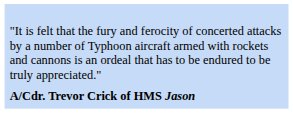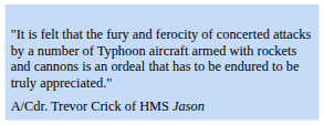 <table class="toccolours" style="float: right; margin-left: 1em; margin-right: 1em; font-size: 85%; background:#c6dbf7; color:black; width:23em; max-width: 25%;" cellspacing="5">
 <tr>
 <td style="text-align: left;"><br>"It is felt that the fury and ferocity of concerted attacks by a number of Typhoon aircraft armed with rockets and cannons is an ordeal that has to be endured to be truly appreciated."</td>
 </tr>
 <tr>
-<td style="text-align: left;"><strong>A/Cdr. Trevor Crick of HMS <em>Jason</em></strong></td>
+<td style="text-align: left;">A/Cdr. Trevor Crick of HMS <em>Jason</em></td>
 </tr>
 </table>
